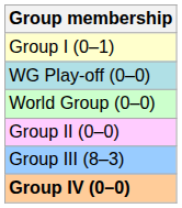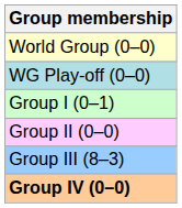 <table class=wikitable>
 <tr>
 <th>Group membership</th>
 </tr>
 <tr bgcolor=#FFFFCC>
-<td>Group I (0–1)</td>
+<td>World Group (0–0)</td>
 </tr>
 <tr style="background:#B0E0E6;">
 <td>WG Play-off (0–0)</td>
 </tr>
 <tr bgcolor=#CCFFCC>
-<td>World Group (0–0)</td>
+<td>Group I (0–1)</td>
 </tr>
 <tr bgcolor=#FFCCFF>
 <td>Group II (0–0)</td>
 </tr>
 <tr bgcolor=#99CCFF>
 <td>Group III (8–3)</td>
 </tr>
 <tr bgcolor=#FFCC99>
 <td><strong>Group IV (0–0)</strong></td>
 </tr>
 </table>
